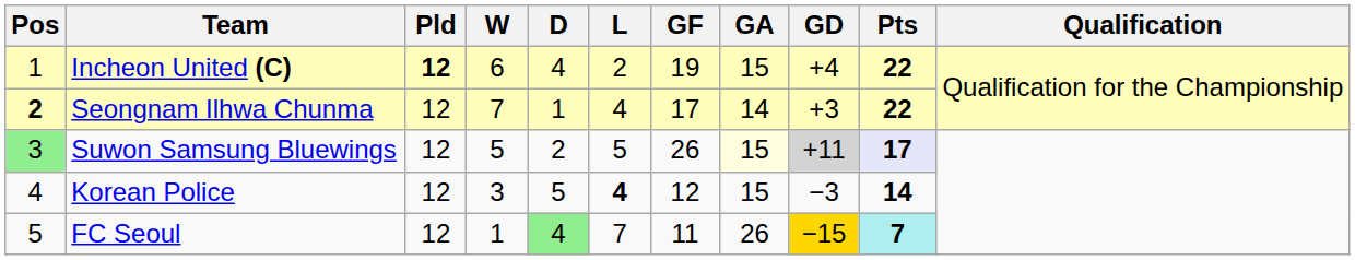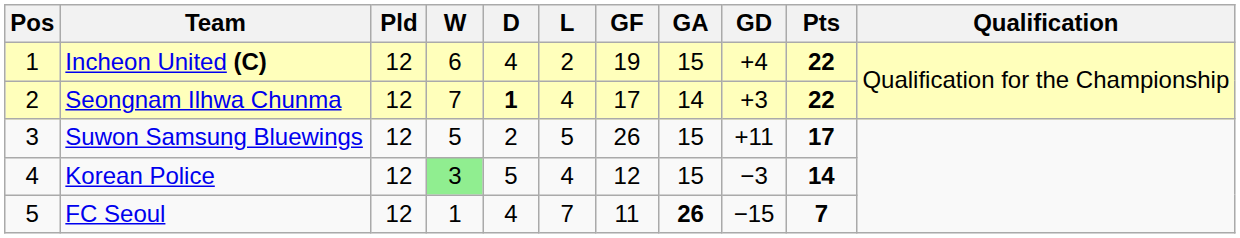 <table class="wikitable" style="text-align:center;">
 <tr>
 <th width=20>Pos</th>
 <th width=200>Team</th>
 <th width=30 abbr="Played">Pld</th>
 <th width=30 abbr="Won">W</th>
 <th width=30 abbr="Draw">D</th>
 <th width=30 abbr="Lost">L</th>
 <th width=35 abbr="Goals for">GF</th>
 <th width=35 abbr="Goals against">GA</th>
 <th width=35 abbr="Goal difference">GD</th>
 <th width=40 abbr="Points">Pts</th>
 <th>Qualification</th>
 </tr>
 <tr bgcolor=#ffffbb>
 <td>1</td>
 <td align="left"><a href='#'>Incheon United</a> <strong>(C)</strong></td>
-<td><strong>12</strong></td>
+<td>12</td>
 <td>6</td>
 <td>4</td>
 <td>2</td>
 <td>19</td>
 <td>15</td>
 <td>+4</td>
 <td><strong>22</strong></td>
 <td rowspan=2>Qualification for the Championship</td>
 </tr>
 <tr bgcolor=#ffffbb>
-<td><strong>2</strong></td>
+<td>2</td>
 <td align="left"><a href='#'>Seongnam Ilhwa Chunma</a></td>
 <td>12</td>
 <td>7</td>
-<td>1</td>
+<td><strong>1</strong></td>
 <td>4</td>
 <td>17</td>
 <td>14</td>
 <td>+3</td>
 <td><strong>22</strong></td>
 </tr>
 <tr>
-<td style="background: lightgreen;">3</td>
+<td>3</td>
 <td align="left"><a href='#'>Suwon Samsung Bluewings</a></td>
 <td>12</td>
 <td>5</td>
 <td>2</td>
 <td>5</td>
 <td>26</td>
-<td style="background: lightyellow;">15</td>
-<td style="background: lightgrey;">+11</td>
-<td style="background: lavender;"><strong>17</strong></td>
+<td>15</td>
+<td>+11</td>
+<td><strong>17</strong></td>
 <td rowspan=3></td>
 </tr>
 <tr>
 <td>4</td>
 <td align="left"><a href='#'>Korean Police</a></td>
 <td>12</td>
-<td>3</td>
+<td style="background: lightgreen;">3</td>
 <td>5</td>
-<td><strong>4</strong></td>
+<td>4</td>
 <td>12</td>
 <td>15</td>
 <td>−3</td>
 <td><strong>14</strong></td>
 </tr>
 <tr>
 <td>5</td>
 <td align="left"><a href='#'>FC Seoul</a></td>
 <td>12</td>
 <td>1</td>
-<td style="background: lightgreen;">4</td>
+<td>4</td>
 <td>7</td>
 <td>11</td>
-<td>26</td>
-<td style="background: gold;">−15</td>
-<td style="background: paleturquoise;"><strong>7</strong></td>
+<td><strong>26</strong></td>
+<td>−15</td>
+<td><strong>7</strong></td>
 </tr>
 </table>
